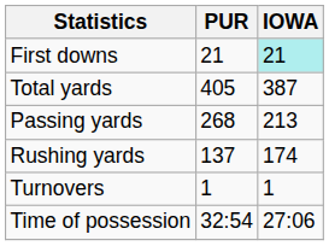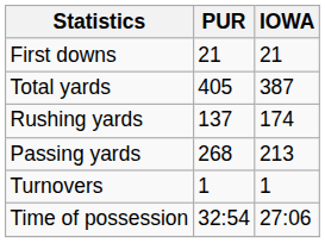 <table class="wikitable">
 <tr>
 <th>Statistics</th>
 <th>PUR</th>
 <th>IOWA</th>
 </tr>
 <tr>
 <td>First downs</td>
 <td>21</td>
-<td style="background: paleturquoise;">21</td>
+<td>21</td>
 </tr>
 <tr>
 <td>Total yards</td>
 <td>405</td>
 <td>387</td>
 </tr>
 <tr>
+<td>Rushing yards</td>
+<td>137</td>
+<td>174</td>
+</tr>
+<tr>
 <td>Passing yards</td>
 <td>268</td>
 <td>213</td>
-</tr>
-<tr>
-<td>Rushing yards</td>
-<td>137</td>
-<td>174</td>
 </tr>
 <tr>
 <td>Turnovers</td>
 <td>1</td>
 <td>1</td>
 </tr>
 <tr>
 <td>Time of possession</td>
 <td>32:54</td>
 <td>27:06</td>
 </tr>
 <tr>
 </tr>
 </table>
